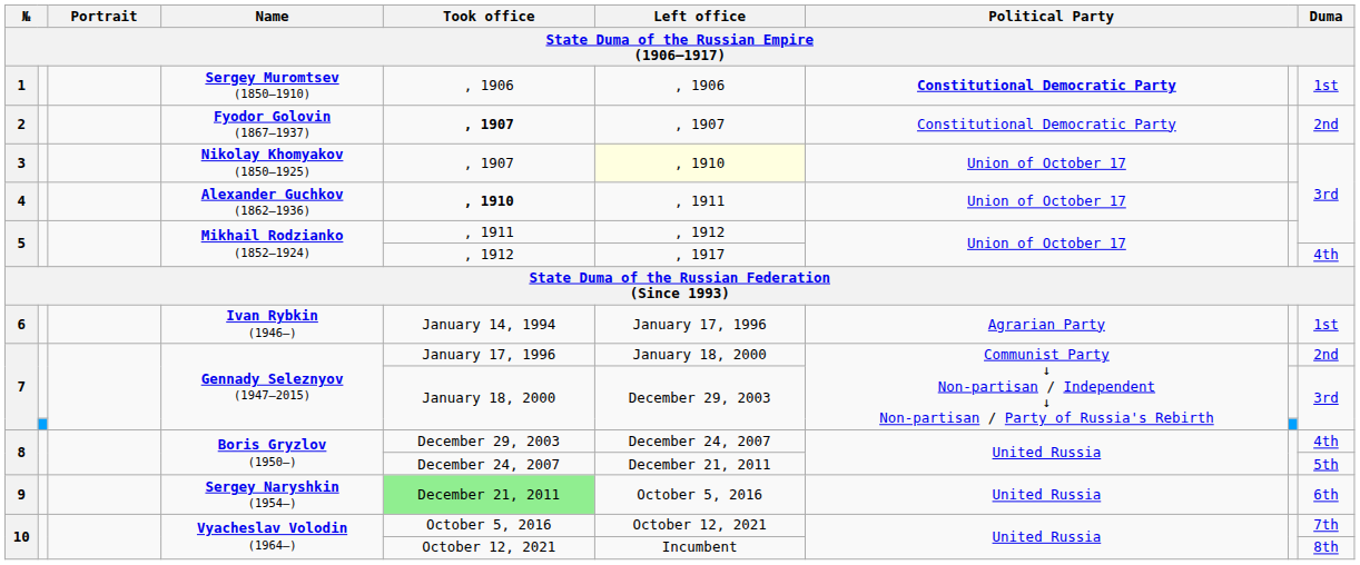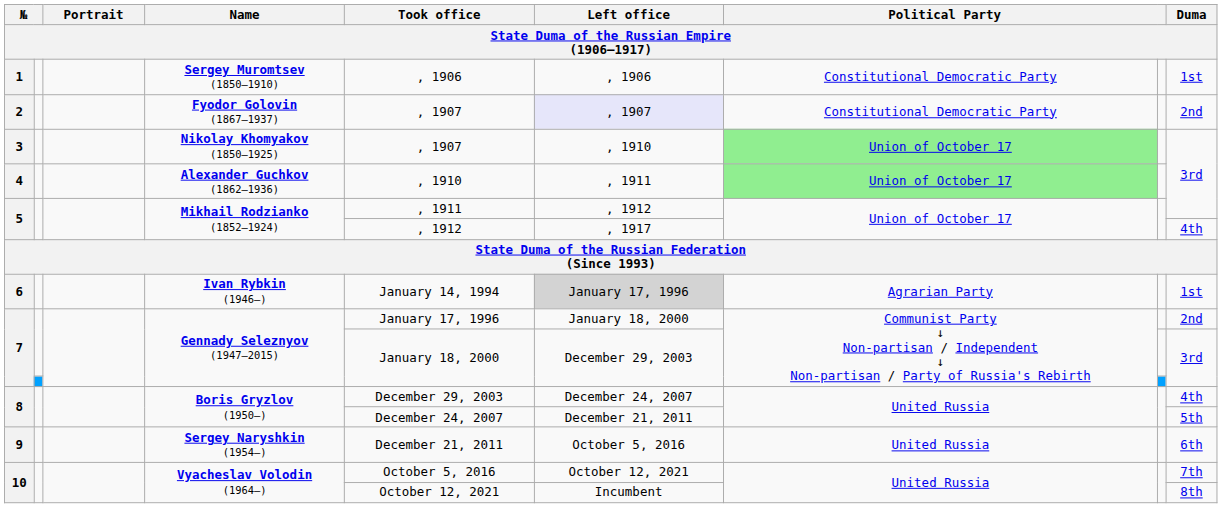 <table class="wikitable" width="100%">
 <tr>
 <th colspan=2>№</th>
 <th width="100px">Portrait</th>
 <th>Name</th>
 <th>Took office</th>
 <th>Left office</th>
 <th colspan=2>Political Party</th>
 <th>Duma</th>
 </tr>
 <tr>
 <th colspan=9><a href='#'>State Duma of the Russian Empire</a><br>(1906–1917)</th>
 </tr>
 <tr>
 <th align=center>1</th>
 <td align=center style="background: "></td>
 <td align=center></td>
 <td align=center><strong><a href='#'>Sergey Muromtsev</a></strong><br><small>(1850–1910)</small></td>
 <td align=center>, 1906</td>
 <td align=center>, 1906</td>
-<td align=center><strong><a href='#'>Constitutional Democratic Party</a></strong></td>
+<td align=center><a href='#'>Constitutional Democratic Party</a></td>
 <td align=center style="background: "></td>
 <td align=center><a href='#'>1st</a></td>
 </tr>
 <tr>
 <th align=center>2</th>
 <td align=center style="background: "></td>
 <td align=center></td>
 <td align=center><strong><a href='#'>Fyodor Golovin</a></strong><br><small>(1867–1937)</small></td>
-<td align=center><strong>, 1907</strong></td>
 <td align=center>, 1907</td>
+<td align=center style="background: lavender;">, 1907</td>
 <td align=center><a href='#'>Constitutional Democratic Party</a></td>
 <td align=center style="background: "></td>
 <td align=center><a href='#'>2nd</a></td>
 </tr>
 <tr>
 <th align=center>3</th>
 <td align=center style="background: "></td>
 <td align=center></td>
 <td align=center><strong><a href='#'>Nikolay Khomyakov</a></strong><br><small>(1850–1925)</small></td>
 <td align=center>, 1907</td>
-<td align=center style="background: lightyellow;">, 1910</td>
-<td align=center><a href='#'>Union of October 17</a></td>
+<td align=center>, 1910</td>
+<td align=center style="background: lightgreen;"><a href='#'>Union of October 17</a></td>
 <td align=center style="background: "></td>
 <td align=center rowspan="3"><a href='#'>3rd</a></td>
 </tr>
 <tr>
 <th align=center>4</th>
 <td align=center style="background: "></td>
 <td align=center></td>
 <td align=center><strong><a href='#'>Alexander Guchkov</a></strong><br><small>(1862–1936)</small></td>
-<td align=center><strong>, 1910</strong></td>
+<td align=center>, 1910</td>
 <td align=center>, 1911</td>
-<td align=center><a href='#'>Union of October 17</a></td>
+<td align=center style="background: lightgreen;"><a href='#'>Union of October 17</a></td>
 <td align=center style="background: "></td>
 </tr>
 <tr>
 <th rowspan=2 align=center>5</th>
 <td align=center rowspan="2" style="background: "></td>
 <td align=center rowspan="2"></td>
 <td align=center rowspan="2"><strong><a href='#'>Mikhail Rodzianko</a></strong><br><small>(1852–1924)</small></td>
 <td align=center>, 1911</td>
 <td align=center>, 1912</td>
 <td align=center rowspan="2"><a href='#'>Union of October 17</a></td>
 <td rowspan="2" align=center style="background: "></td>
 </tr>
 <tr>
 <td align=center>, 1912</td>
 <td align=center>, 1917</td>
 <td align=center><a href='#'>4th</a></td>
 </tr>
 <tr>
 <th colspan=9><a href='#'>State Duma of the Russian Federation</a><br>(Since 1993)</th>
 </tr>
 <tr>
 <th align=center>6</th>
 <td align=center style="background:"></td>
 <td align=center></td>
 <td align=center><strong><a href='#'>Ivan Rybkin</a></strong><br><small>(1946–)</small></td>
 <td align=center>January 14, 1994</td>
-<td align=center>January 17, 1996</td>
+<td align=center style="background: lightgrey;">January 17, 1996</td>
 <td align=center><a href='#'>Agrarian Party</a></td>
 <td align=center style="background:"></td>
 <td align=center><a href='#'>1st</a></td>
 </tr>
 <tr>
 <th align=center rowspan=3>7</th>
 <td align=center rowspan=2 style="background: "></td>
 <td align=center rowspan="3"></td>
 <td align=center rowspan="3"><strong><a href='#'>Gennady Seleznyov</a></strong><br><small>(1947–2015)</small></td>
 <td align=center>January 17, 1996</td>
 <td align=center>January 18, 2000</td>
 <td align=center rowspan=3><a href='#'>Communist Party</a><br>↓<br><a href='#'>Non-partisan</a> / <a href='#'>Independent</a><br>↓<br><a href='#'>Non-partisan</a> / <a href='#'>Party of Russia's Rebirth</a></td>
 <td align=center style="background: "></td>
 <td align=center><a href='#'>2nd</a></td>
 </tr>
 <tr>
 <td align=center rowspan=2>January 18, 2000</td>
 <td align=center rowspan=2>December 29, 2003</td>
 <td align=center style="background: "></td>
 <td align=center rowspan=2><a href='#'>3rd</a></td>
 </tr>
 <tr>
 <td align=center style="background: #00A1FF;"></td>
 <td align=center style="background: #00A1FF;"></td>
 </tr>
 <tr>
 <th align=center rowspan=2>8</th>
 <td align=center rowspan="2" style="background: "></td>
 <td align=center rowspan="2"></td>
 <td align=center rowspan="2"><strong><a href='#'>Boris Gryzlov</a></strong><br><small>(1950–)</small></td>
 <td align=center>December 29, 2003</td>
 <td align=center>December 24, 2007</td>
 <td align=center rowspan="2"><a href='#'>United Russia</a></td>
 <td align=center rowspan="2" style="background: "></td>
 <td align=center><a href='#'>4th</a></td>
 </tr>
 <tr>
 <td align=center>December 24, 2007</td>
 <td align=center>December 21, 2011</td>
 <td align=center><a href='#'>5th</a></td>
 </tr>
 <tr>
 <th align=center>9</th>
 <td align=center style="background: "></td>
 <td align=center></td>
 <td align=center><strong><a href='#'>Sergey Naryshkin</a></strong><br><small>(1954–)</small></td>
-<td align=center style="background: lightgreen;">December 21, 2011</td>
+<td align=center>December 21, 2011</td>
 <td align=center>October 5, 2016</td>
 <td align=center><a href='#'>United Russia</a></td>
 <td align=center style="background: "></td>
 <td align=center><a href='#'>6th</a></td>
 </tr>
 <tr>
 <th align=center rowspan=2>10</th>
 <td align=center rowspan=2 style="background: "></td>
 <td align=center rowspan=2></td>
 <td align=center rowspan=2><strong><a href='#'>Vyacheslav Volodin</a></strong><br><small>(1964–)</small></td>
 <td align=center>October 5, 2016</td>
 <td align=center>October 12, 2021</td>
 <td align=center rowspan=2><a href='#'>United Russia</a></td>
 <td align=center rowspan=2 style="background: "></td>
 <td align=center><a href='#'>7th</a></td>
 </tr>
 <tr>
 <td align=center>October 12, 2021</td>
 <td align=center>Incumbent</td>
 <td align=center><a href='#'>8th</a></td>
 </tr>
 </table>
